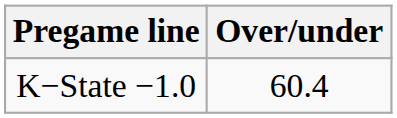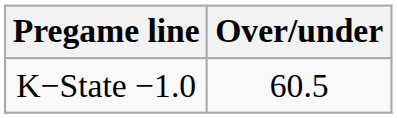 <table class="wikitable" style="margin-left: auto; margin-right: auto; border: none; display: inline-table;">
 <tr align="center">
 <th style=>Pregame line</th>
 <th style=>Over/under</th>
 </tr>
 <tr align="center">
 <td>K−State −1.0</td>
-<td>60.4</td>
+<td>60.5</td>
 </tr>
 </table>
